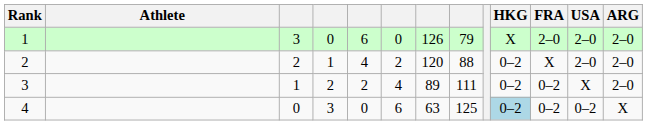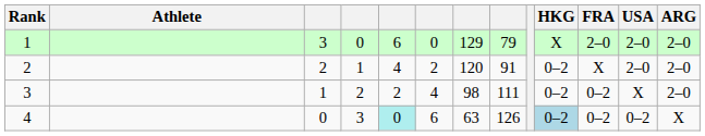 <table class="wikitable" style="text-align:center">
 <tr>
 <th>Rank</th>
 <th width=250>Athlete</th>
 <th width=30></th>
 <th width=30></th>
 <th width=30></th>
 <th width=30></th>
 <th width=30></th>
 <th width=30></th>
 <th rowspan=5></th>
 <th width=30>HKG</th>
 <th width=30>FRA</th>
 <th width=30>USA</th>
 <th width=30>ARG</th>
 </tr>
 <tr style="background-color:#ccffcc;">
 <td>1</td>
 <td align=left></td>
 <td>3</td>
 <td>0</td>
 <td>6</td>
 <td>0</td>
-<td>126</td>
+<td>129</td>
 <td>79</td>
 <td>X</td>
 <td>2–0</td>
 <td>2–0</td>
 <td>2–0</td>
 </tr>
 <tr>
 <td>2</td>
 <td align=left></td>
 <td>2</td>
 <td>1</td>
 <td>4</td>
 <td>2</td>
 <td>120</td>
-<td>88</td>
+<td>91</td>
 <td>0–2</td>
 <td>X</td>
 <td>2–0</td>
 <td>2–0</td>
 </tr>
 <tr>
 <td>3</td>
 <td align=left></td>
 <td>1</td>
 <td>2</td>
 <td>2</td>
 <td>4</td>
-<td>89</td>
+<td>98</td>
 <td>111</td>
 <td>0–2</td>
 <td>0–2</td>
 <td>X</td>
 <td>2–0</td>
 </tr>
 <tr>
 <td>4</td>
 <td align=left></td>
 <td>0</td>
 <td>3</td>
-<td>0</td>
+<td style="background: paleturquoise;">0</td>
 <td>6</td>
 <td>63</td>
-<td>125</td>
+<td>126</td>
 <td style="background: lightblue;">0–2</td>
 <td>0–2</td>
 <td>0–2</td>
 <td>X</td>
 </tr>
 </table>
